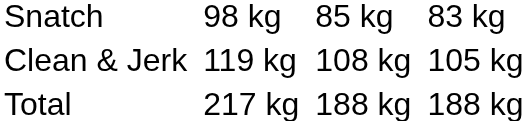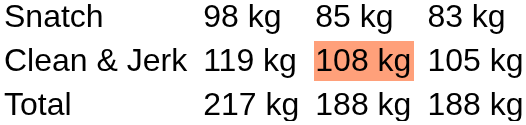 <table>
 <tr>
 <td>Snatch</td>
 <td></td>
 <td>98 kg</td>
 <td></td>
 <td>85 kg</td>
 <td></td>
 <td>83 kg</td>
 </tr>
 <tr>
 <td>Clean & Jerk</td>
 <td></td>
 <td>119 kg</td>
 <td></td>
-<td>108 kg</td>
+<td style="background: lightsalmon;">108 kg</td>
 <td></td>
 <td>105 kg</td>
 </tr>
 <tr>
 <td>Total</td>
 <td></td>
 <td>217 kg</td>
 <td></td>
 <td>188 kg</td>
 <td></td>
 <td>188 kg</td>
 </tr>
 </table>
